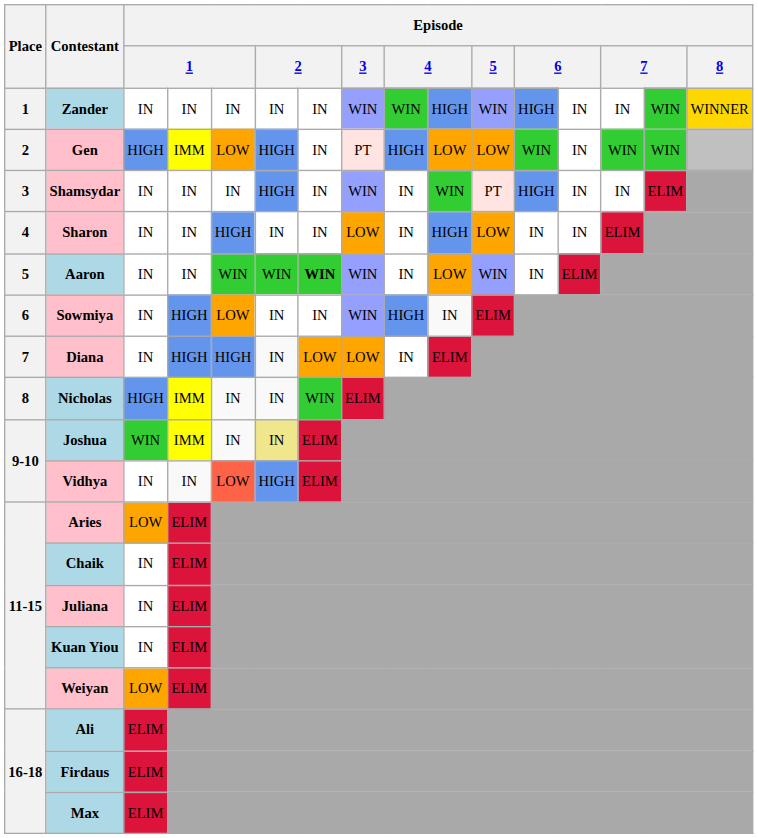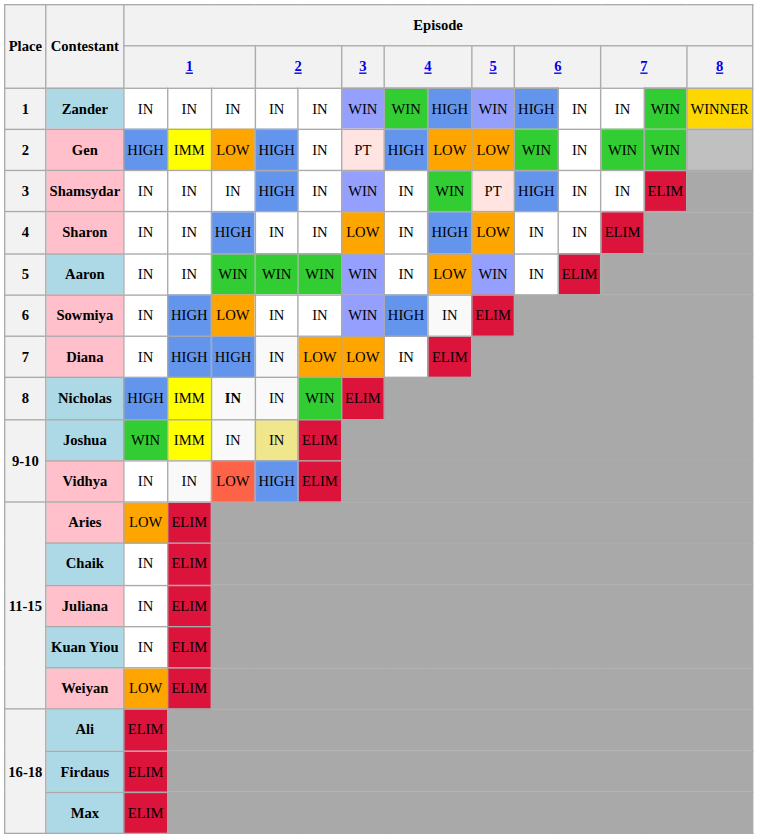 <table class="wikitable" style="text-align: center; font-size: 8pt; line-height:25px;">
 <tr>
 <th rowspan="2">Place</th>
 <th rowspan="2">Contestant</th>
 <th colspan="17">Episode</th>
 </tr>
 <tr>
 <th colspan="3"><a href='#'>1</a></th>
 <th colspan="2"><a href='#'>2</a></th>
 <th><a href='#'>3</a></th>
 <th colspan="2"><a href='#'>4</a></th>
 <th><a href='#'>5</a></th>
 <th colspan="2"><a href='#'>6</a></th>
 <th colspan="2"><a href='#'>7</a></th>
 <th><a href='#'>8</a></th>
 </tr>
 <tr>
 <th>1</th>
 <th style="background:lightblue;">Zander</th>
 <td style="background:white;">IN</td>
 <td style="background:white;">IN</td>
 <td style="background:white;">IN</td>
 <td style="background:white;">IN</td>
 <td style="background:white;">IN</td>
 <td style="background:#959FFD;">WIN</td>
 <td style="background:limegreen;">WIN</td>
 <td style="background:cornflowerblue;">HIGH</td>
 <td style="background:#959FFD;">WIN</td>
 <td style="background:cornflowerblue;">HIGH</td>
 <td style="background:white;">IN</td>
 <td style="background:white;">IN</td>
 <td style="background:limegreen;">WIN</td>
 <td style="background:gold;">WINNER</td>
 </tr>
 <tr>
 <th>2</th>
 <th style="background:pink;">Gen</th>
 <td style= "background:cornflowerblue;">HIGH</td>
 <td style="background:yellow;">IMM</td>
 <td style="background:orange;">LOW</td>
 <td style="background:cornflowerblue;">HIGH</td>
 <td style="background:white;">IN</td>
 <td style="background:mistyrose;">PT</td>
 <td style="background:cornflowerblue;">HIGH</td>
 <td style="background:orange;">LOW</td>
 <td style="background:orange;">LOW</td>
 <td style="background:limegreen;">WIN</td>
 <td style="background:white;">IN</td>
 <td style="background:limegreen;">WIN</td>
 <td style="background:limegreen;">WIN</td>
 <td style="background:silver;"></td>
 </tr>
 <tr>
 <th>3</th>
 <th style="background:pink;">Shamsydar</th>
 <td style="background:white;">IN</td>
 <td style="background:white;">IN</td>
 <td style="background:white;">IN</td>
 <td style="background:cornflowerblue;">HIGH</td>
 <td style="background:white;">IN</td>
 <td style="background:#959FFD;">WIN</td>
 <td style="background:white;">IN</td>
 <td style="background:limegreen;">WIN</td>
 <td style="background:mistyrose;">PT</td>
 <td style="background:cornflowerblue;">HIGH</td>
 <td style="background:white;">IN</td>
 <td style="background:white;">IN</td>
 <td style="background:crimson;">ELIM</td>
 <td colspan="98" style="background:darkgrey;"></td>
 </tr>
 <tr>
 <th>4</th>
 <th style="background:pink;">Sharon</th>
 <td style="background:white;">IN</td>
 <td style="background:white;">IN</td>
 <td style="background:cornflowerblue;">HIGH</td>
 <td style="background:white;">IN</td>
 <td style="background:white;">IN</td>
 <td style="background:orange;">LOW</td>
 <td style="background:white;">IN</td>
 <td style="background:cornflowerblue;">HIGH</td>
 <td style="background:orange;">LOW</td>
 <td style="background:white;">IN</td>
 <td style="background:white;">IN</td>
 <td style="background:crimson;">ELIM</td>
 <td colspan="98" style="background:darkgrey;"></td>
 </tr>
 <tr>
 <th>5</th>
 <th style="background:lightblue;">Aaron</th>
 <td style="background:white;">IN</td>
 <td style="background:white;">IN</td>
 <td style="background:limegreen;">WIN</td>
 <td style="background:limegreen;">WIN</td>
-<td style="background:limegreen;"><strong>WIN</strong></td>
+<td style="background:limegreen;">WIN</td>
 <td style="background:#959FFD;">WIN</td>
 <td style="background:white;">IN</td>
 <td style="background:orange;">LOW</td>
 <td style="background:#959FFD;">WIN</td>
 <td style="background:white;">IN</td>
 <td style="background:crimson;">ELIM</td>
 <td colspan="98" style="background:darkgrey;"></td>
 </tr>
 <tr>
 <th>6</th>
 <th style="background:pink;">Sowmiya</th>
 <td style="background:white;">IN</td>
 <td style="background:cornflowerblue;">HIGH</td>
 <td style="background:orange;">LOW</td>
 <td style="background:white;">IN</td>
 <td style="background:white;">IN</td>
 <td style="background:#959FFD;">WIN</td>
 <td style="background:cornflowerblue;">HIGH</td>
 <td>IN</td>
 <td style="background:crimson;">ELIM</td>
 <td colspan="98" style="background:darkgrey;"></td>
 </tr>
 <tr>
 <th>7</th>
 <th style="background:pink;">Diana</th>
 <td style="background:white;">IN</td>
 <td style="background:cornflowerblue;">HIGH</td>
 <td style="background:cornflowerblue;">HIGH</td>
 <td>IN</td>
 <td style="background:orange;">LOW</td>
 <td style="background:orange;">LOW</td>
 <td style="background:white;">IN</td>
 <td style="background:crimson;">ELIM</td>
 <td colspan="98" style="background:darkgrey;"></td>
 </tr>
 <tr>
 <th>8</th>
 <th style="background:lightblue;">Nicholas</th>
 <td style="background: cornflowerblue;">HIGH</td>
 <td style="background:yellow;">IMM</td>
-<td>IN</td>
+<td><strong>IN</strong></td>
 <td>IN</td>
 <td style="background:limegreen;">WIN</td>
 <td style="background:crimson;">ELIM</td>
 <td colspan="98" style="background:darkgrey;"></td>
 </tr>
 <tr>
 <th rowspan="2">9-10</th>
 <th style="background:lightblue;">Joshua</th>
 <td style= "background:limegreen;">WIN</td>
 <td style="background:yellow;">IMM</td>
 <td>IN</td>
 <td style="background: khaki;">IN</td>
 <td style="background:crimson;">ELIM</td>
 <td colspan="98" style="background:darkgrey;"></td>
 </tr>
 <tr>
 <th style="background:pink;">Vidhya</th>
 <td style="background:white;">IN</td>
 <td>IN</td>
 <td style="background:tomato;">LOW</td>
 <td style="background:cornflowerblue;">HIGH</td>
 <td style="background:crimson;">ELIM</td>
 <td colspan="98" style="background:darkgrey;"></td>
 </tr>
 <tr>
 <th rowspan="5">11-15</th>
 <th style="background:pink;">Aries</th>
 <td style="background:orange;">LOW</td>
 <td style="background:crimson;">ELIM</td>
 <td colspan="98" style="background:darkgrey;"></td>
 </tr>
 <tr>
 <th style="background:lightblue;">Chaik</th>
 <td style="background:white;">IN</td>
 <td style="background:crimson;">ELIM</td>
 <td colspan="98" style="background:darkgrey;"></td>
 </tr>
 <tr>
 <th style="background:pink;">Juliana</th>
 <td style="background:white;">IN</td>
 <td style="background:crimson;">ELIM</td>
 <td colspan="98" style="background:darkgrey;"></td>
 </tr>
 <tr>
 <th style="background:lightblue;">Kuan Yiou</th>
 <td style="background:white;">IN</td>
 <td style="background:crimson;">ELIM</td>
 <td colspan="98" style="background:darkgrey;"></td>
 </tr>
 <tr>
 <th style="background:pink;">Weiyan</th>
 <td style="background:orange;">LOW</td>
 <td style="background:crimson;">ELIM</td>
 <td colspan="98" style="background:darkgrey;"></td>
 </tr>
 <tr>
 <th rowspan="3">16-18</th>
 <th style="background:lightblue;">Ali</th>
 <td style="background:crimson;">ELIM</td>
 <td colspan="98" style="background:darkgrey;"></td>
 </tr>
 <tr>
 <th style="background:lightblue;">Firdaus</th>
 <td style="background:crimson;">ELIM</td>
 <td colspan="98" style="background:darkgrey;"></td>
 </tr>
 <tr>
 <th style="background:lightblue;">Max</th>
 <td style="background:crimson;">ELIM</td>
 <td colspan="98" style="background:darkgrey;"></td>
 </tr>
 <tr>
 </tr>
 </table>
